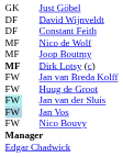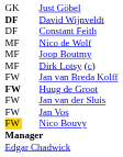 <table style="font-size:90%; margin:0.2em auto;" cellspacing="0" cellpadding="0">
 <tr>
 <th width="25"></th>
 <th width="25"></th>
 </tr>
 <tr>
 <td>GK</td>
 <td></td>
 <td><a href='#'>Just Göbel</a></td>
 </tr>
 <tr>
-<td>DF</td>
+<td><strong>DF</strong></td>
 <td></td>
 <td><a href='#'>David Wijnveldt</a></td>
 </tr>
 <tr>
 <td>DF</td>
 <td></td>
 <td><a href='#'>Constant Feith</a></td>
 </tr>
 <tr>
 <td>MF</td>
 <td></td>
 <td><a href='#'>Nico de Wolf</a></td>
 </tr>
 <tr>
 <td>MF</td>
 <td></td>
 <td><a href='#'>Joop Boutmy</a></td>
 </tr>
 <tr>
-<td><strong>MF</strong></td>
+<td>MF</td>
 <td></td>
 <td><a href='#'>Dirk Lotsy</a> (<a href='#'>c</a>)</td>
 </tr>
 <tr>
 <td>FW</td>
 <td></td>
 <td><a href='#'>Jan van Breda Kolff</a></td>
 </tr>
 <tr>
-<td>FW</td>
+<td><strong>FW</strong></td>
 <td></td>
 <td><a href='#'>Huug de Groot</a></td>
 </tr>
 <tr>
-<td style="background: paleturquoise;">FW</td>
+<td>FW</td>
 <td></td>
 <td><a href='#'>Jan van der Sluis</a></td>
 </tr>
 <tr>
-<td style="background: lightblue;">FW</td>
+<td>FW</td>
 <td></td>
 <td><a href='#'>Jan Vos</a></td>
 </tr>
 <tr>
-<td>FW</td>
+<td style="background: gold;">FW</td>
 <td></td>
 <td><a href='#'>Nico Bouvy</a></td>
 </tr>
 <tr>
 <td colspan=3><strong>Manager</strong></td>
 </tr>
 <tr>
 <td colspan=4> <a href='#'>Edgar Chadwick</a></td>
 </tr>
 </table>
